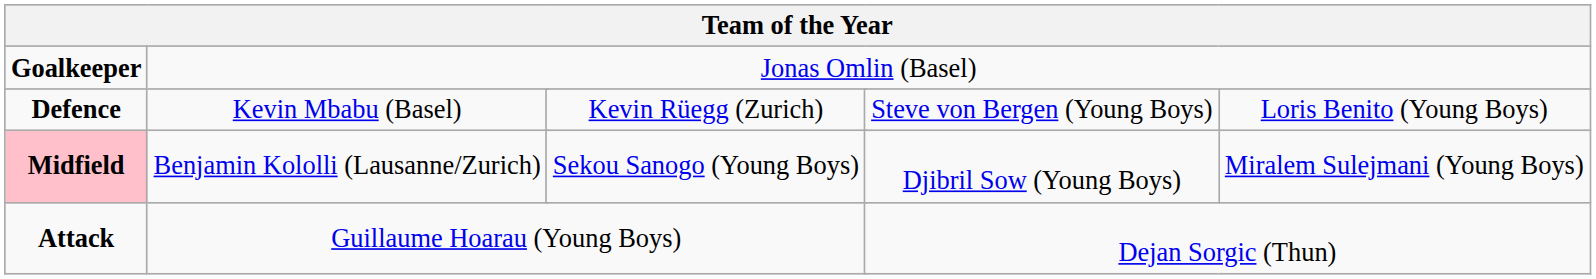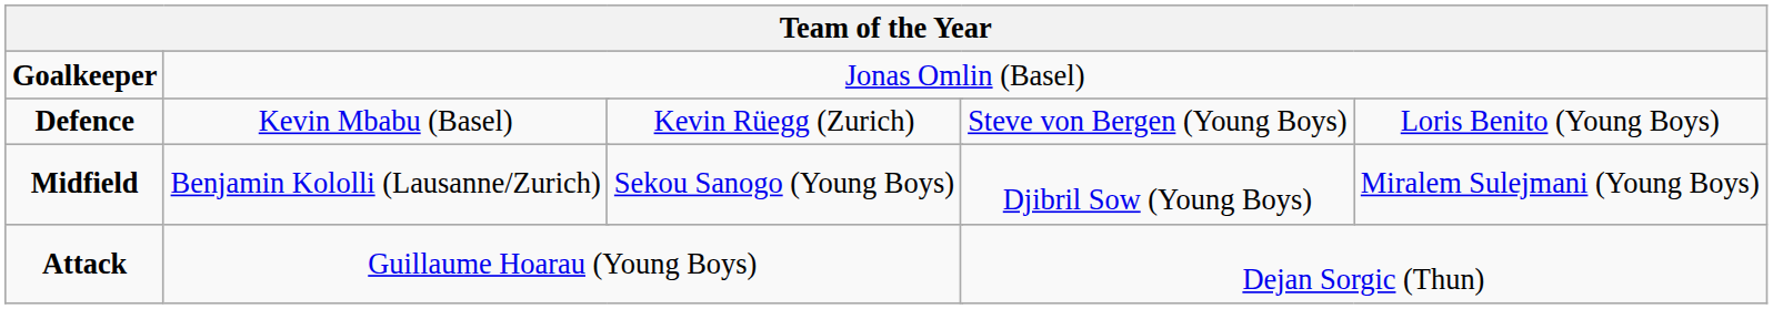 <table class="wikitable" style="text-align:center">
 <tr>
 <th colspan="13">Team of the Year</th>
 </tr>
 <tr>
 <td><strong>Goalkeeper</strong></td>
 <td colspan="12"> <a href='#'>Jonas Omlin</a> (Basel)</td>
 </tr>
 <tr>
 <td><strong>Defence</strong></td>
 <td colspan="3"> <a href='#'>Kevin Mbabu</a> (Basel)</td>
 <td colspan="3"> <a href='#'>Kevin Rüegg</a> (Zurich)</td>
 <td colspan="3"> <a href='#'>Steve von Bergen</a> (Young Boys)</td>
 <td colspan="3"> <a href='#'>Loris Benito</a> (Young Boys)</td>
 </tr>
 <tr>
-<td style="background: pink;"><strong>Midfield</strong></td>
+<td><strong>Midfield</strong></td>
 <td colspan="3"> <a href='#'>Benjamin Kololli</a> (Lausanne/Zurich)</td>
 <td colspan="3"> <a href='#'>Sekou Sanogo</a> (Young Boys)</td>
 <td colspan="3"><br> <a href='#'>Djibril Sow</a> (Young Boys)</td>
 <td colspan="3"> <a href='#'>Miralem Sulejmani</a>  (Young Boys)</td>
 </tr>
 <tr>
 <td><strong>Attack</strong></td>
 <td colspan="6"> <a href='#'>Guillaume Hoarau</a> (Young Boys)</td>
 <td colspan="6"><br> <a href='#'>Dejan Sorgic</a> (Thun)</td>
 </tr>
 </table>
